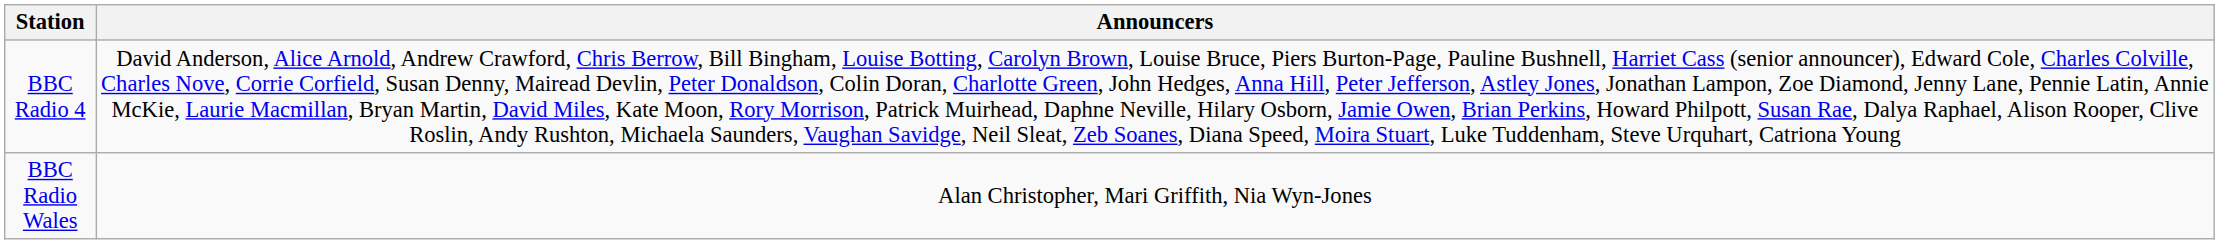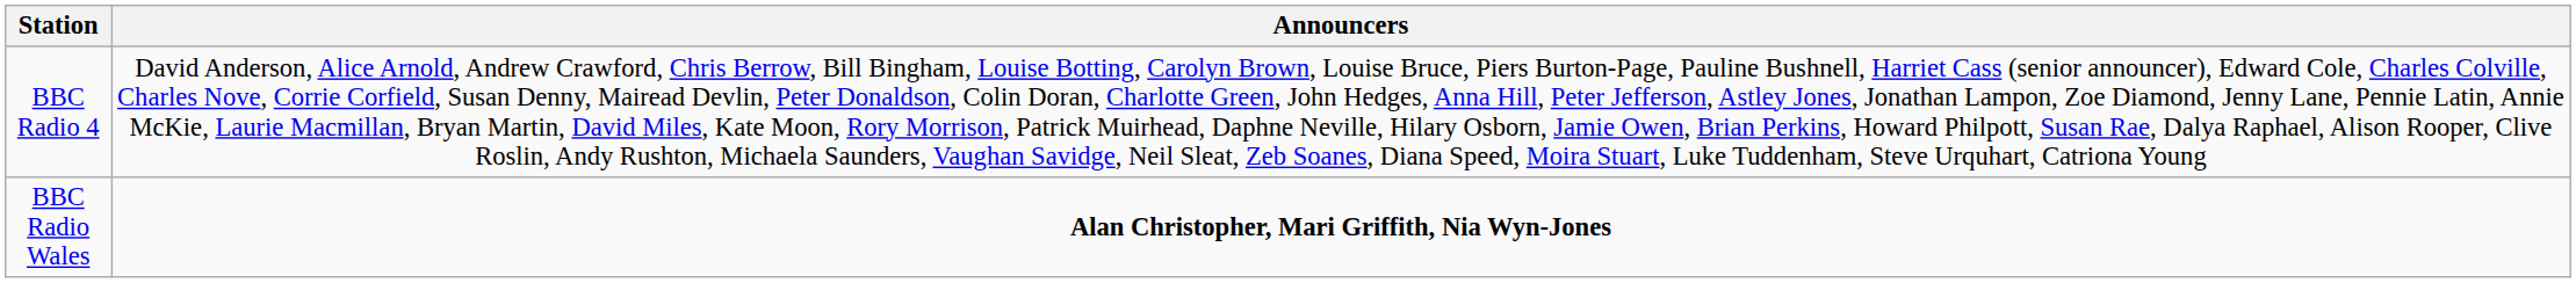 <table class="wikitable" style="text-align:center;">
 <tr>
 <th>Station</th>
 <th>Announcers</th>
 </tr>
 <tr>
 <td><a href='#'>BBC<br>Radio 4</a></td>
 <td>David Anderson, <a href='#'>Alice Arnold</a>, Andrew Crawford, <a href='#'>Chris Berrow</a>, Bill Bingham, <a href='#'>Louise Botting</a>, <a href='#'>Carolyn Brown</a>, Louise Bruce, Piers Burton-Page, Pauline Bushnell, <a href='#'>Harriet Cass</a> (senior announcer), Edward Cole, <a href='#'>Charles Colville</a>, <a href='#'>Charles Nove</a>, <a href='#'>Corrie Corfield</a>, Susan Denny, Mairead Devlin, <a href='#'>Peter Donaldson</a>, Colin Doran, <a href='#'>Charlotte Green</a>, John Hedges, <a href='#'>Anna Hill</a>, <a href='#'>Peter Jefferson</a>, <a href='#'>Astley Jones</a>, Jonathan Lampon, Zoe Diamond, Jenny Lane, Pennie Latin, Annie McKie, <a href='#'>Laurie Macmillan</a>, Bryan Martin, <a href='#'>David Miles</a>, Kate Moon, <a href='#'>Rory Morrison</a>, Patrick Muirhead, Daphne Neville, Hilary Osborn, <a href='#'>Jamie Owen</a>, <a href='#'>Brian Perkins</a>, Howard Philpott, <a href='#'>Susan Rae</a>, Dalya Raphael, Alison Rooper, Clive Roslin, Andy Rushton, Michaela Saunders, <a href='#'>Vaughan Savidge</a>, Neil Sleat, <a href='#'>Zeb Soanes</a>, Diana Speed, <a href='#'>Moira Stuart</a>, Luke Tuddenham, Steve Urquhart, Catriona Young</td>
 </tr>
 <tr>
 <td><a href='#'>BBC<br>Radio Wales</a></td>
-<td>Alan Christopher, Mari Griffith, Nia Wyn-Jones</td>
+<td><strong>Alan Christopher, Mari Griffith, Nia Wyn-Jones</strong></td>
 </tr>
 </table>
